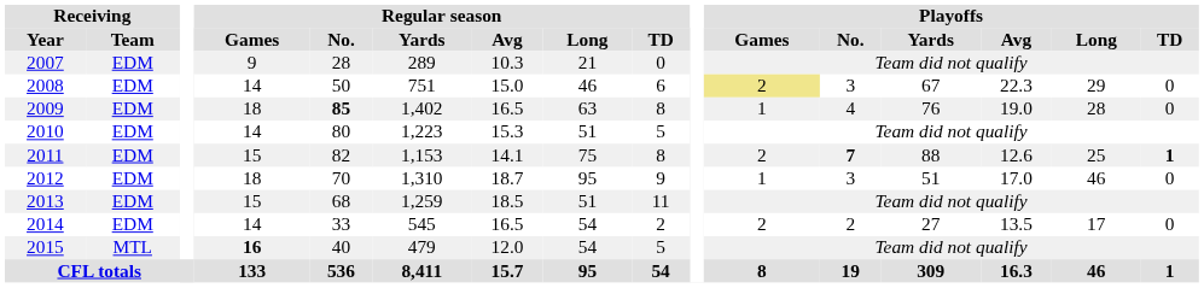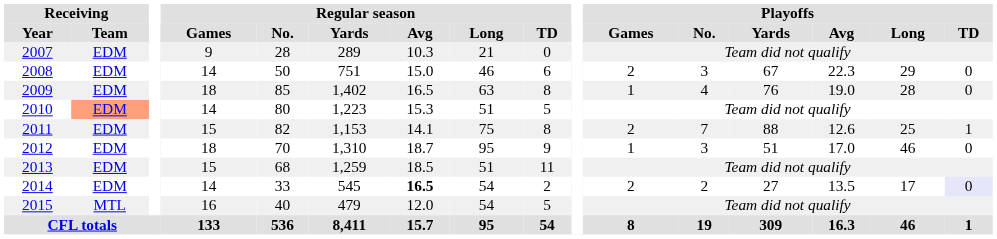 <table BORDER="0" CELLPADDING="1" CELLSPACING="0" width="65%" style="text-align:center">
 <tr bgcolor="#e0e0e0">
 <th colspan="2">Receiving</th>
 <th rowspan="99" bgcolor="#ffffff"> </th>
 <th colspan="6">Regular season</th>
 <th rowspan="99" bgcolor="#ffffff"> </th>
 <th colspan="6">Playoffs</th>
 </tr>
 <tr bgcolor="#e0e0e0">
 <th>Year</th>
 <th>Team</th>
 <th>Games</th>
 <th>No.</th>
 <th>Yards</th>
 <th>Avg</th>
 <th>Long</th>
 <th>TD</th>
 <th>Games</th>
 <th>No.</th>
 <th>Yards</th>
 <th>Avg</th>
 <th>Long</th>
 <th>TD</th>
 </tr>
 <tr ALIGN="center" bgcolor="#f0f0f0">
 <td><a href='#'>2007</a></td>
 <td><a href='#'>EDM</a></td>
 <td>9</td>
 <td>28</td>
 <td>289</td>
 <td>10.3</td>
 <td>21</td>
 <td>0</td>
 <td colspan="6"><em>Team did not qualify</em></td>
 </tr>
 <tr ALIGN="center">
 <td><a href='#'>2008</a></td>
 <td><a href='#'>EDM</a></td>
 <td>14</td>
 <td>50</td>
 <td>751</td>
 <td>15.0</td>
 <td>46</td>
 <td>6</td>
-<td style="background: khaki;">2</td>
+<td>2</td>
 <td>3</td>
 <td>67</td>
 <td>22.3</td>
 <td>29</td>
 <td>0</td>
 </tr>
 <tr ALIGN="center" bgcolor="#f0f0f0">
 <td><a href='#'>2009</a></td>
 <td><a href='#'>EDM</a></td>
 <td>18</td>
-<td><strong>85</strong></td>
+<td>85</td>
 <td>1,402</td>
 <td>16.5</td>
 <td>63</td>
 <td>8</td>
 <td>1</td>
 <td>4</td>
 <td>76</td>
 <td>19.0</td>
 <td>28</td>
 <td>0</td>
 </tr>
 <tr ALIGN="center">
 <td><a href='#'>2010</a></td>
-<td><a href='#'>EDM</a></td>
+<td style="background: lightsalmon;"><a href='#'>EDM</a></td>
 <td>14</td>
 <td>80</td>
 <td>1,223</td>
 <td>15.3</td>
 <td>51</td>
 <td>5</td>
 <td colspan="6"><em>Team did not qualify</em></td>
 </tr>
 <tr ALIGN="center" bgcolor="#f0f0f0">
 <td><a href='#'>2011</a></td>
 <td><a href='#'>EDM</a></td>
 <td>15</td>
 <td>82</td>
 <td>1,153</td>
 <td>14.1</td>
 <td>75</td>
 <td>8</td>
 <td>2</td>
-<td><strong>7</strong></td>
+<td>7</td>
 <td>88</td>
 <td>12.6</td>
 <td>25</td>
-<td><strong>1</strong></td>
+<td>1</td>
 </tr>
 <tr ALIGN="center">
 <td><a href='#'>2012</a></td>
 <td><a href='#'>EDM</a></td>
 <td>18</td>
 <td>70</td>
 <td>1,310</td>
 <td>18.7</td>
 <td>95</td>
 <td>9</td>
 <td>1</td>
 <td>3</td>
 <td>51</td>
 <td>17.0</td>
 <td>46</td>
 <td>0</td>
 </tr>
 <tr ALIGN="center" bgcolor="#f0f0f0">
 <td><a href='#'>2013</a></td>
 <td><a href='#'>EDM</a></td>
 <td>15</td>
 <td>68</td>
 <td>1,259</td>
 <td>18.5</td>
 <td>51</td>
 <td>11</td>
 <td colspan="6"><em>Team did not qualify</em></td>
 </tr>
 <tr ALIGN="center">
 <td><a href='#'>2014</a></td>
 <td><a href='#'>EDM</a></td>
 <td>14</td>
 <td>33</td>
 <td>545</td>
-<td>16.5</td>
+<td><strong>16.5</strong></td>
 <td>54</td>
 <td>2</td>
 <td>2</td>
 <td>2</td>
 <td>27</td>
 <td>13.5</td>
 <td>17</td>
-<td>0</td>
+<td style="background: lavender;">0</td>
 </tr>
 <tr ALIGN="center" bgcolor="#f0f0f0">
 <td><a href='#'>2015</a></td>
 <td><a href='#'>MTL</a></td>
-<td><strong>16</strong></td>
+<td>16</td>
 <td>40</td>
 <td>479</td>
 <td>12.0</td>
 <td>54</td>
 <td>5</td>
 <td colspan="6"><em>Team did not qualify</em></td>
 </tr>
 <tr>
 </tr>
 <tr bgcolor="#e0e0e0">
 <th colspan="3"><a href='#'>CFL totals</a></th>
 <th>133</th>
 <th>536</th>
 <th>8,411</th>
 <th>15.7</th>
 <th>95</th>
 <th>54</th>
 <th>8</th>
 <th>19</th>
 <th>309</th>
 <th>16.3</th>
 <th>46</th>
 <th>1</th>
 </tr>
 </table>
